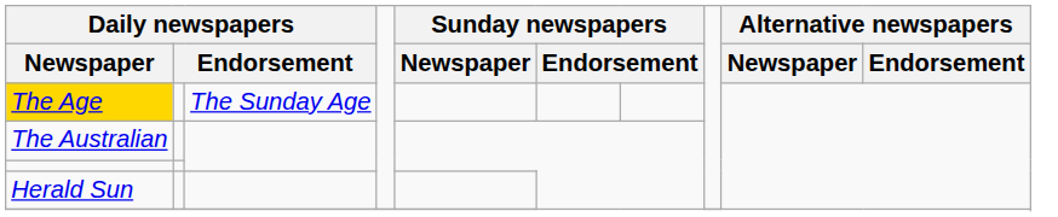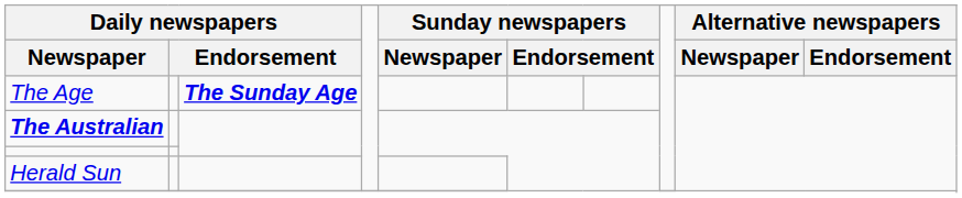 <table class="wikitable">
 <tr>
 <th colspan="3">Daily newspapers</th>
 <td rowspan="6" style="background: none; border: none inherit;"> </td>
 <th colspan="3">Sunday newspapers</th>
 <td rowspan="6" style="background: none; border: none inherit;"> </td>
 <th colspan="3">Alternative newspapers</th>
 </tr>
 <tr>
 <th>Newspaper</th>
 <th colspan="2">Endorsement</th>
 <th>Newspaper</th>
 <th colspan="2">Endorsement</th>
 <th>Newspaper</th>
 <th colspan="2">Endorsement</th>
 </tr>
 <tr>
-<td style="background: gold;"><em><a href='#'>The Age</a></em></td>
+<td><em><a href='#'>The Age</a></em></td>
 <td></td>
-<td><em><a href='#'>The Sunday Age</a></em></td>
+<td><strong><em><a href='#'>The Sunday Age</a></em></strong></td>
 <td></td>
 <td></td>
 <td></td>
 </tr>
 <tr>
-<td><em><a href='#'>The Australian</a></em></td>
+<td><strong><em><a href='#'>The Australian</a></em></strong></td>
 <td></td>
 <td rowspan=2></td>
 </tr>
 <tr>
 <td></td>
 <td></td>
 </tr>
 <tr>
 <td><em><a href='#'>Herald Sun</a></em></td>
 <td></td>
 <td></td>
 <td></td>
 </tr>
 <tr>
 </tr>
 </table>
